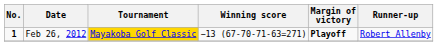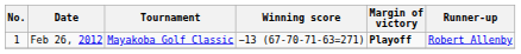 <table class="wikitable" style="font-size:95%;">
 <tr>
 <th>No.</th>
 <th>Date</th>
 <th>Tournament</th>
 <th>Winning score</th>
 <th>Margin of<br>victory</th>
 <th>Runner-up</th>
 </tr>
 <tr>
-<td align=center><strong>1</strong></td>
+<td align=center>1</td>
 <td align=right>Feb 26, <a href='#'>2012</a></td>
-<td style="background: gold;"><a href='#'>Mayakoba Golf Classic</a></td>
+<td><a href='#'>Mayakoba Golf Classic</a></td>
 <td>−13 (67-70-71-63=271)</td>
 <td><strong>Playoff</strong></td>
 <td> <a href='#'>Robert Allenby</a></td>
 </tr>
 <tr>
 </tr>
 </table>
